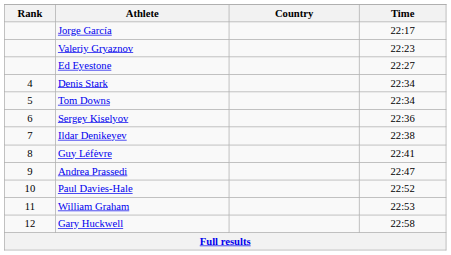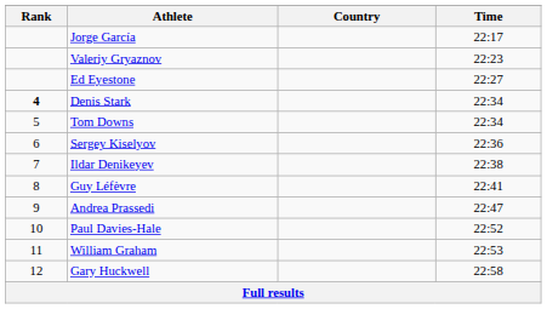 <table class="wikitable sortable" style=" text-align:center; font-size:95%;" width="50%">
 <tr>
 </tr>
 <tr>
 <th width=5%>Rank</th>
 <th width=20%>Athlete</th>
 <th width=15%>Country</th>
 <th width=10%>Time</th>
 </tr>
 <tr>
 <td align=center></td>
 <td align=left><a href='#'>Jorge García</a></td>
 <td align=left></td>
 <td>22:17</td>
 </tr>
 <tr>
 <td align=center></td>
 <td align=left><a href='#'>Valeriy Gryaznov</a></td>
 <td align=left></td>
 <td>22:23</td>
 </tr>
 <tr>
 <td align=center></td>
 <td align=left><a href='#'>Ed Eyestone</a></td>
 <td align=left></td>
 <td>22:27</td>
 </tr>
 <tr>
-<td align=center>4</td>
+<td align=center><strong>4</strong></td>
 <td align=left><a href='#'>Denis Stark</a></td>
 <td align=left></td>
 <td>22:34</td>
 </tr>
 <tr>
 <td align=center>5</td>
 <td align=left><a href='#'>Tom Downs</a></td>
 <td align=left></td>
 <td>22:34</td>
 </tr>
 <tr>
 <td align=center>6</td>
 <td align=left><a href='#'>Sergey Kiselyov</a></td>
 <td align=left></td>
 <td>22:36</td>
 </tr>
 <tr>
 <td align=center>7</td>
 <td align=left><a href='#'>Ildar Denikeyev</a></td>
 <td align=left></td>
 <td>22:38</td>
 </tr>
 <tr>
 <td align=center>8</td>
 <td align=left><a href='#'>Guy Léfèvre</a></td>
 <td align=left></td>
 <td>22:41</td>
 </tr>
 <tr>
 <td align=center>9</td>
 <td align=left><a href='#'>Andrea Prassedi</a></td>
 <td align=left></td>
 <td>22:47</td>
 </tr>
 <tr>
 <td align=center>10</td>
 <td align=left><a href='#'>Paul Davies-Hale</a></td>
 <td align=left></td>
 <td>22:52</td>
 </tr>
 <tr>
 <td align=center>11</td>
 <td align=left><a href='#'>William Graham</a></td>
 <td align=left></td>
 <td>22:53</td>
 </tr>
 <tr>
 <td align=center>12</td>
 <td align=left><a href='#'>Gary Huckwell</a></td>
 <td align=left></td>
 <td>22:58</td>
 </tr>
 <tr class="sortbottom">
 <th colspan=4 align=center><a href='#'>Full results</a></th>
 </tr>
 </table>
